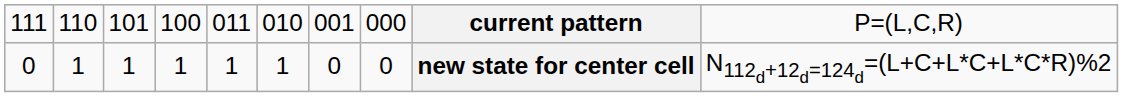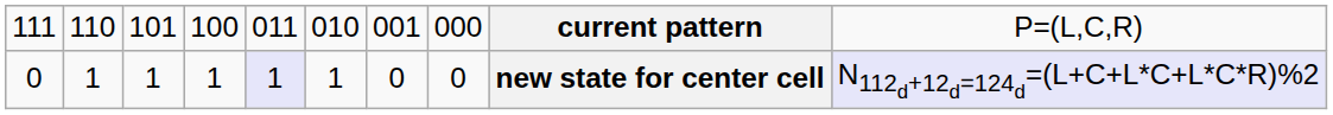 <table class="wikitable" style="text-align: center">
 <tr>
 <td>111</td>
 <td>110</td>
 <td>101</td>
 <td>100</td>
 <td>011</td>
 <td>010</td>
 <td>001</td>
 <td>000</td>
 <th>current pattern</th>
 <td>P=(L,C,R)</td>
 </tr>
 <tr>
 <td>0</td>
 <td>1</td>
 <td>1</td>
 <td>1</td>
-<td>1</td>
+<td style="background: lavender;">1</td>
 <td>1</td>
 <td>0</td>
 <td>0</td>
 <th>new state for center cell</th>
-<td>N<sub>112<sub>d</sub>+12<sub>d</sub>=124<sub>d</sub></sub>=(L+C+L*C+L*C*R)%2</td>
+<td style="background: lavender;">N<sub>112<sub>d</sub>+12<sub>d</sub>=124<sub>d</sub></sub>=(L+C+L*C+L*C*R)%2</td>
 </tr>
 </table>
